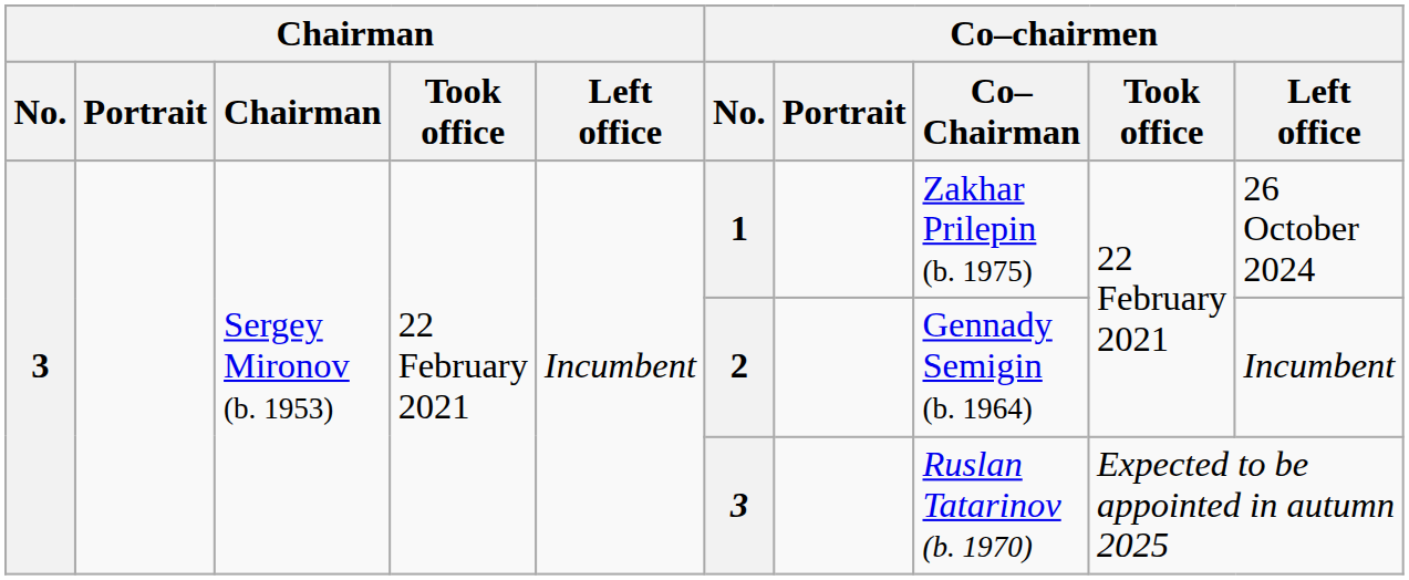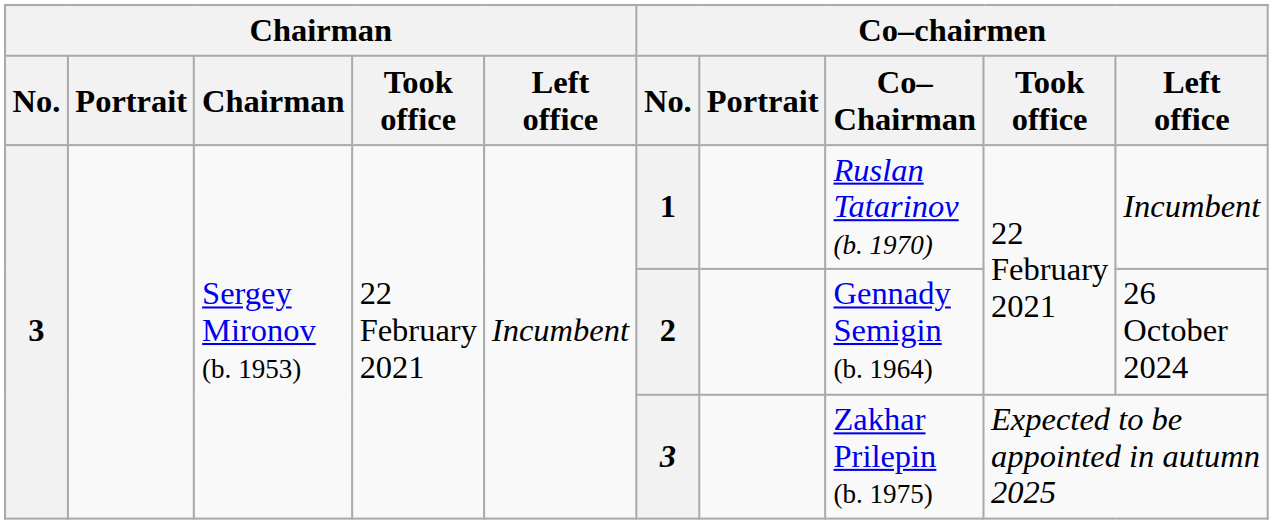 <table class="wikitable">
 <tr>
 <th colspan="5">Chairman</th>
 <th colspan="5">Co–chairmen</th>
 </tr>
 <tr>
 <th>No.</th>
 <th>Portrait</th>
 <th>Chairman</th>
 <th>Took office</th>
 <th>Left office</th>
 <th>No.</th>
 <th>Portrait</th>
 <th>Co–Chairman</th>
 <th>Took office</th>
 <th>Left office</th>
 </tr>
 <tr>
 <th rowspan="3">3</th>
 <td rowspan="3"></td>
 <td rowspan="3"><a href='#'>Sergey Mironov</a><br><small>(b. 1953)</small></td>
 <td rowspan="3">22 February 2021</td>
 <td rowspan="3"><em>Incumbent</em></td>
 <th>1</th>
 <td></td>
-<td><a href='#'>Zakhar Prilepin</a><br><small>(b. 1975)</small></td>
+<td><em><a href='#'>Ruslan Tatarinov</a><br><small>(b. 1970)</small></em></td>
 <td rowspan="2">22 February 2021</td>
-<td>26 October 2024</td>
+<td><em>Incumbent</em></td>
 </tr>
 <tr>
 <th>2</th>
 <td></td>
 <td><a href='#'>Gennady Semigin</a><br><small>(b. 1964)</small></td>
-<td><em>Incumbent</em></td>
+<td>26 October 2024</td>
 </tr>
 <tr>
 <th><em>3</em></th>
 <td></td>
-<td><em><a href='#'>Ruslan Tatarinov</a><br><small>(b. 1970)</small></em></td>
+<td><a href='#'>Zakhar Prilepin</a><br><small>(b. 1975)</small></td>
 <td colspan="2"><em>Expected to be appointed in autumn 2025</em></td>
 </tr>
 </table>
